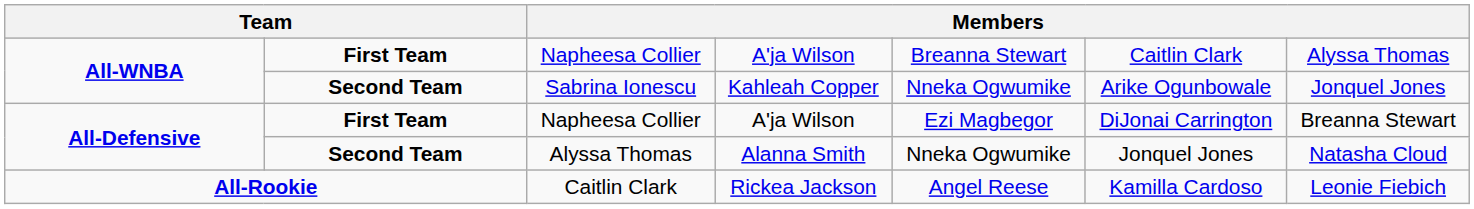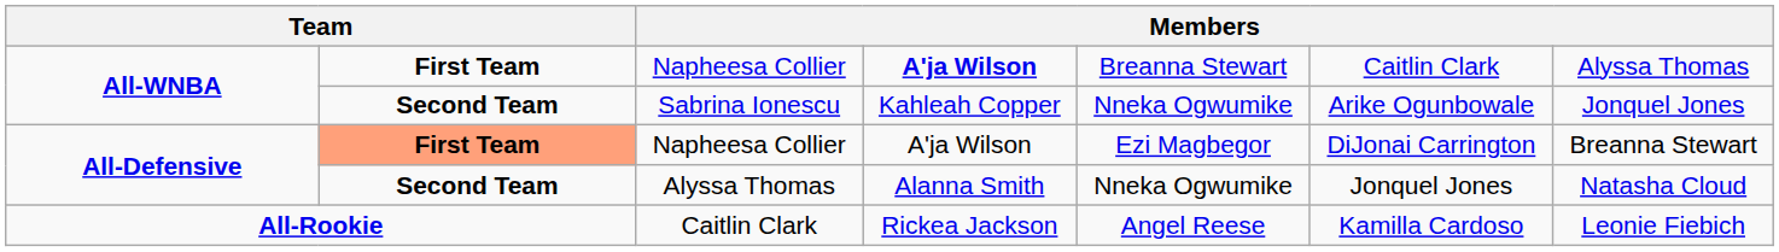 <table class="wikitable" style="width:80%; text-align:center; font-size:90%">
 <tr>
 <th colspan="2" width="319">Team</th>
 <th colspan=5 align=center>Members</th>
 </tr>
 <tr>
 <td rowspan="2"><strong><a href='#'>All-WNBA</a></strong></td>
 <td><strong>First Team</strong></td>
 <td><a href='#'>Napheesa Collier</a></td>
-<td><a href='#'>A'ja Wilson</a></td>
+<td><strong><a href='#'>A'ja Wilson</a></strong></td>
 <td><a href='#'>Breanna Stewart</a></td>
 <td><a href='#'>Caitlin Clark</a></td>
 <td><a href='#'>Alyssa Thomas</a></td>
 </tr>
 <tr>
 <td><strong>Second Team</strong></td>
 <td><a href='#'>Sabrina Ionescu</a></td>
 <td><a href='#'>Kahleah Copper</a></td>
 <td><a href='#'>Nneka Ogwumike</a></td>
 <td><a href='#'>Arike Ogunbowale</a></td>
 <td><a href='#'>Jonquel Jones</a></td>
 </tr>
 <tr>
 <td rowspan="2"><strong><a href='#'>All-Defensive</a></strong></td>
-<td><strong>First Team</strong></td>
+<td style="background: lightsalmon;"><strong>First Team</strong></td>
 <td>Napheesa Collier</td>
 <td>A'ja Wilson</td>
 <td><a href='#'>Ezi Magbegor</a></td>
 <td><a href='#'>DiJonai Carrington</a></td>
 <td>Breanna Stewart</td>
 </tr>
 <tr>
 <td><strong>Second Team</strong></td>
 <td>Alyssa Thomas</td>
 <td><a href='#'>Alanna Smith</a></td>
 <td>Nneka Ogwumike</td>
 <td>Jonquel Jones</td>
 <td><a href='#'>Natasha Cloud</a></td>
 </tr>
 <tr>
 <td colspan="2"><strong><a href='#'>All-Rookie</a></strong></td>
 <td>Caitlin Clark</td>
 <td><a href='#'>Rickea Jackson</a></td>
 <td><a href='#'>Angel Reese</a></td>
 <td><a href='#'>Kamilla Cardoso</a></td>
 <td><a href='#'>Leonie Fiebich</a></td>
 </tr>
 </table>
